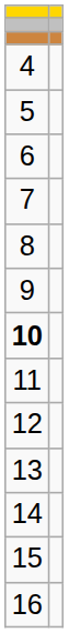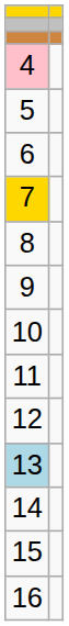 <table class="wikitable" style="width275px;">
 <tr style="background:gold;">
 <td align=center></td>
 <td></td>
 </tr>
 <tr style="background:silver;">
 <td align=center></td>
 <td></td>
 </tr>
 <tr style="background:peru;">
 <td align=center></td>
 <td></td>
 </tr>
 <tr>
-<td align=center>4</td>
+<td align=center style="background: pink;">4</td>
 <td></td>
 </tr>
 <tr>
 <td align=center>5</td>
 <td></td>
 </tr>
 <tr>
 <td align=center>6</td>
 <td></td>
 </tr>
 <tr>
-<td align=center>7</td>
+<td align=center style="background: gold;">7</td>
 <td></td>
 </tr>
 <tr>
 <td align=center>8</td>
 <td></td>
 </tr>
 <tr>
 <td align=center>9</td>
 <td></td>
 </tr>
 <tr>
-<td align=center><strong>10</strong></td>
+<td align=center>10</td>
 <td></td>
 </tr>
 <tr>
 <td align=center>11</td>
 <td></td>
 </tr>
 <tr>
 <td align=center>12</td>
 <td></td>
 </tr>
 <tr>
-<td align=center>13</td>
+<td align=center style="background: lightblue;">13</td>
 <td></td>
 </tr>
 <tr>
 <td align=center>14</td>
 <td></td>
 </tr>
 <tr>
 <td align=center>15</td>
 <td></td>
 </tr>
 <tr>
 <td align=center>16</td>
 <td></td>
 </tr>
 </table>
